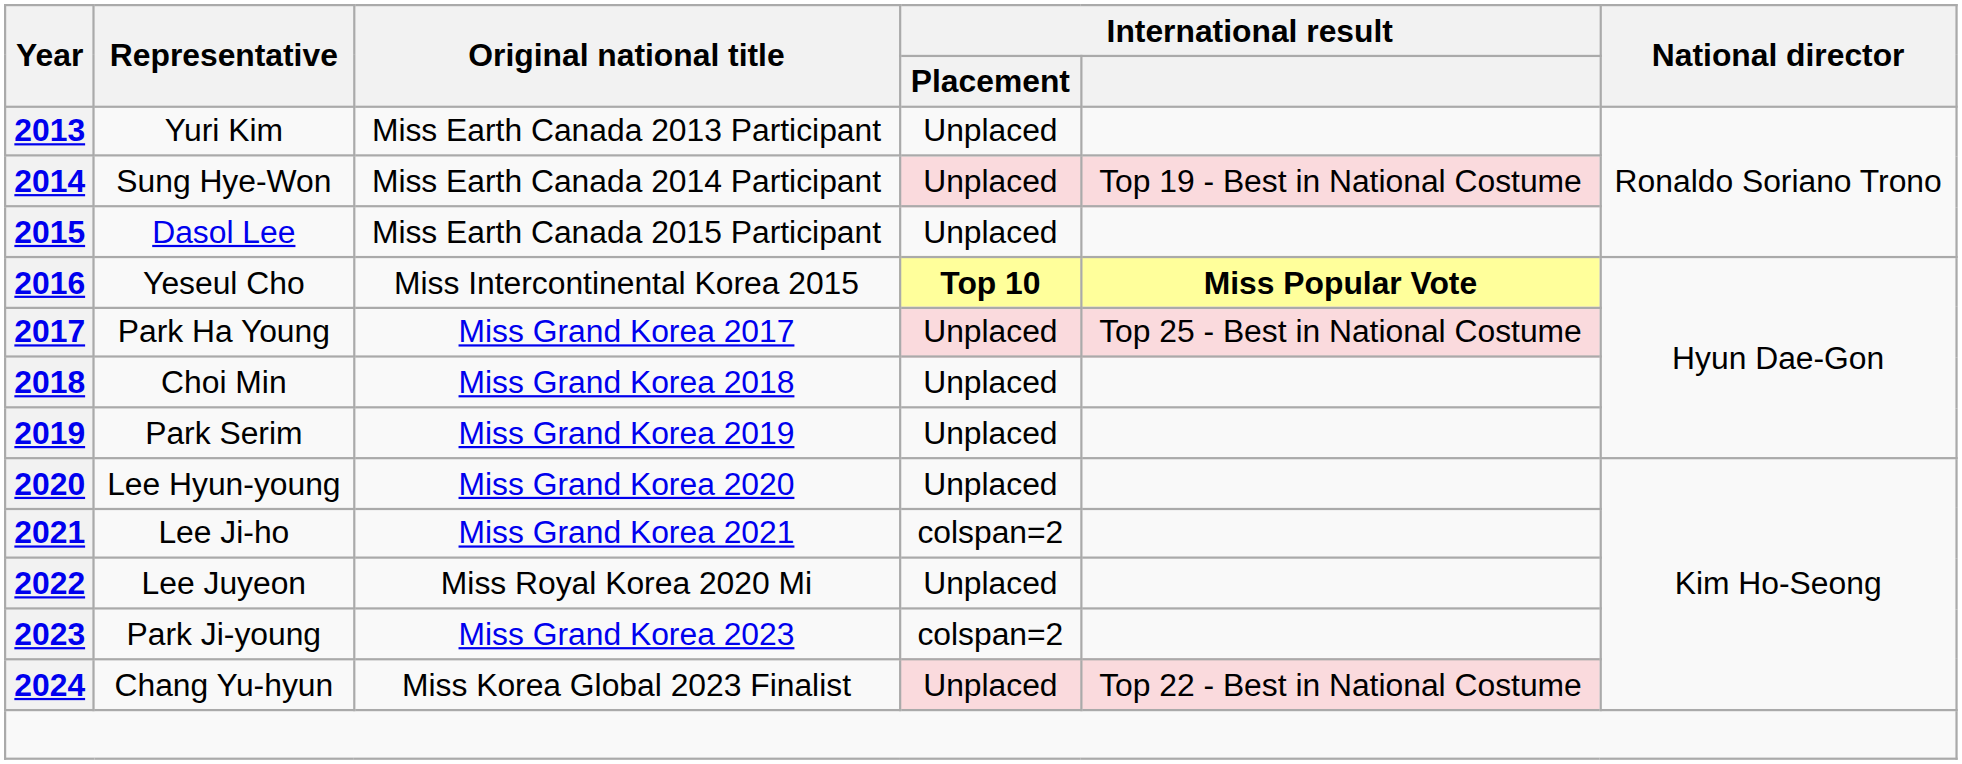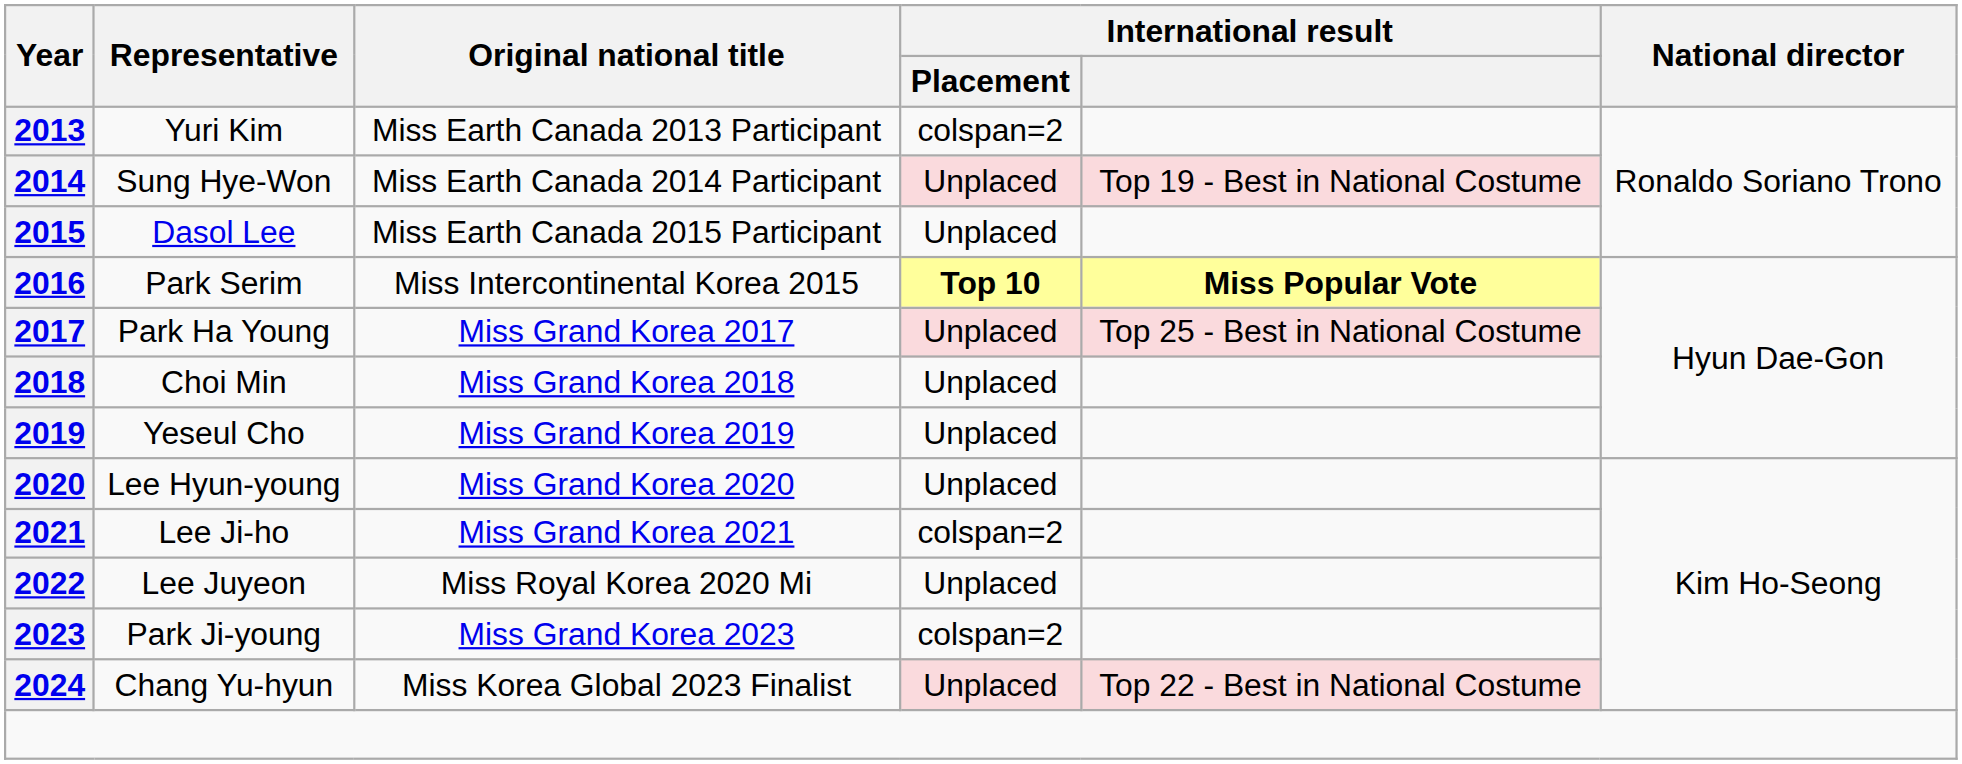 <table class="wikitable " style="font-size: 90%; text-align:center; width:100%">
 <tr>
 <th rowspan=2>Year</th>
 <th rowspan=2>Representative</th>
 <th rowspan=2>Original national title</th>
 <th colspan=2>International result</th>
 <th rowspan=2>National director</th>
 </tr>
 <tr>
 <th>Placement</th>
 <th></th>
 </tr>
 <tr>
 <th><a href='#'>2013</a></th>
 <td>Yuri Kim</td>
 <td>Miss Earth Canada 2013 Participant</td>
-<td align=center>Unplaced</td>
+<td>colspan=2 </td>
 <td></td>
 <td rowspan=3>Ronaldo Soriano Trono</td>
 </tr>
 <tr>
 <th><a href='#'>2014</a></th>
 <td>Sung Hye-Won</td>
 <td>Miss Earth Canada 2014 Participant</td>
 <td bgcolor=#FADADD align=center>Unplaced</td>
 <td bgcolor=#FADADD align=center>Top 19 - Best in National Costume</td>
 </tr>
 <tr>
 <th><a href='#'>2015</a></th>
 <td><a href='#'>Dasol Lee</a></td>
 <td>Miss Earth Canada 2015 Participant</td>
 <td align=center>Unplaced</td>
 <td></td>
 </tr>
 <tr>
 <th><a href='#'>2016</a></th>
-<td>Yeseul Cho</td>
+<td>Park Serim</td>
 <td>Miss Intercontinental Korea 2015</td>
 <td bgcolor=#ffff9b align=center><strong>Top 10</strong></td>
 <td bgcolor=#ffff9b align=center><strong>Miss Popular Vote</strong></td>
 <td rowspan=4>Hyun Dae-Gon</td>
 </tr>
 <tr>
 <th><a href='#'>2017</a></th>
 <td>Park Ha Young</td>
 <td align=center><a href='#'>Miss Grand Korea 2017</a></td>
 <td bgcolor=#FADADD align=center>Unplaced</td>
 <td bgcolor=#FADADD align=center>Top 25 - Best in National Costume</td>
 </tr>
 <tr>
 <th><a href='#'>2018</a></th>
 <td>Choi Min</td>
 <td align=center><a href='#'>Miss Grand Korea 2018</a></td>
 <td align=center>Unplaced</td>
 <td></td>
 </tr>
 <tr>
 <th><a href='#'>2019</a></th>
-<td>Park Serim</td>
+<td>Yeseul Cho</td>
 <td align=center><a href='#'>Miss Grand Korea 2019</a></td>
 <td align=center>Unplaced</td>
 </tr>
 <tr>
 <th><a href='#'>2020</a></th>
 <td>Lee Hyun-young</td>
 <td align=center><a href='#'>Miss Grand Korea 2020</a></td>
 <td align=center>Unplaced</td>
 <td></td>
 <td rowspan=5>Kim Ho-Seong</td>
 </tr>
 <tr>
 <th><a href='#'>2021</a></th>
 <td>Lee Ji-ho</td>
 <td align=center><a href='#'>Miss Grand Korea 2021</a></td>
 <td>colspan=2 </td>
 <td></td>
 </tr>
 <tr>
 <th><a href='#'>2022</a></th>
 <td>Lee Juyeon</td>
 <td>Miss Royal Korea 2020 Mi</td>
 <td align=center>Unplaced</td>
 <td></td>
 </tr>
 <tr>
 <th><a href='#'>2023</a></th>
 <td>Park Ji-young</td>
 <td align=center><a href='#'>Miss Grand Korea 2023</a></td>
 <td>colspan=2 </td>
 <td></td>
 </tr>
 <tr>
 <th><a href='#'>2024</a></th>
 <td>Chang Yu-hyun</td>
 <td>Miss Korea Global 2023 Finalist</td>
 <td bgcolor=#FADADD align=center>Unplaced</td>
 <td bgcolor=#FADADD align=center>Top 22 - Best in National Costume</td>
 </tr>
 <tr>
 <td colspan="6"><br></td>
 </tr>
 </table>
